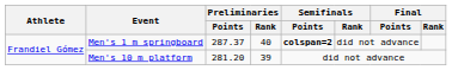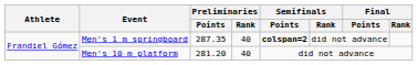 <table class=wikitable style="font-size:90%;">
 <tr>
 <th rowspan="2">Athlete</th>
 <th rowspan="2">Event</th>
 <th colspan="2">Preliminaries</th>
 <th colspan="2">Semifinals</th>
 <th colspan="2">Final</th>
 </tr>
 <tr style="font-size:95%">
 <th>Points</th>
 <th>Rank</th>
 <th>Points</th>
 <th>Rank</th>
 <th>Points</th>
 <th>Rank</th>
 </tr>
 <tr align=center>
 <td align=left rowspan=2><a href='#'>Frandiel Gómez</a></td>
 <td align=left><a href='#'>Men's 1 m springboard</a></td>
-<td>287.37</td>
+<td>287.35</td>
 <td>40</td>
 <td><strong>colspan=2 </strong></td>
 <td colspan=2>did not advance</td>
 </tr>
 <tr align=center>
 <td align=left><a href='#'>Men's 10 m platform</a></td>
 <td>281.20</td>
-<td>39</td>
+<td>40</td>
 <td colspan=4>did not advance</td>
 </tr>
 </table>
